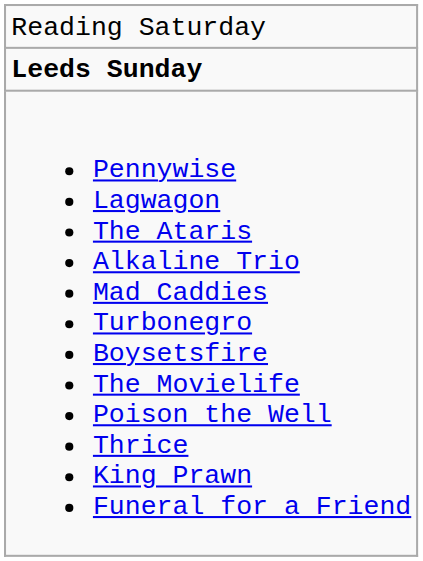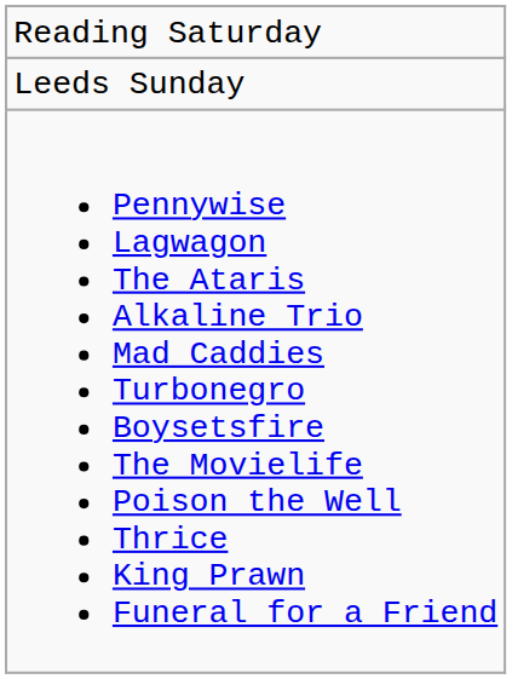 <table class="wikitable">
 <tr>
 <td>Reading Saturday</td>
 </tr>
 <tr>
-<td><strong>Leeds Sunday</strong></td>
+<td>Leeds Sunday</td>
 </tr>
 <tr>
 <td><br><ul><li><a href='#'>Pennywise</a></li><li><a href='#'>Lagwagon</a></li><li><a href='#'>The Ataris</a></li><li><a href='#'>Alkaline Trio</a></li><li><a href='#'>Mad Caddies</a></li><li><a href='#'>Turbonegro</a></li><li><a href='#'>Boysetsfire</a></li><li><a href='#'>The Movielife</a></li><li><a href='#'>Poison the Well</a></li><li><a href='#'>Thrice</a></li><li><a href='#'>King Prawn</a></li><li><a href='#'>Funeral for a Friend</a></li></ul></td>
 </tr>
 </table>
